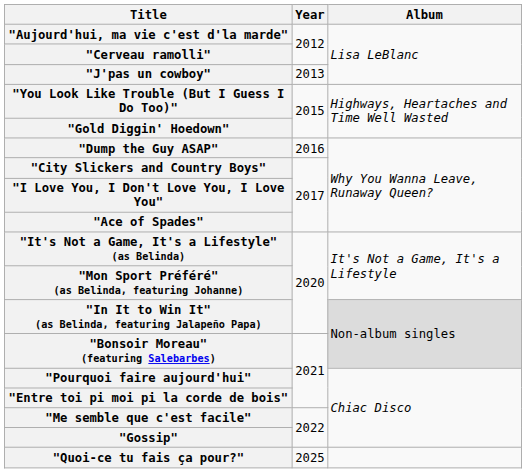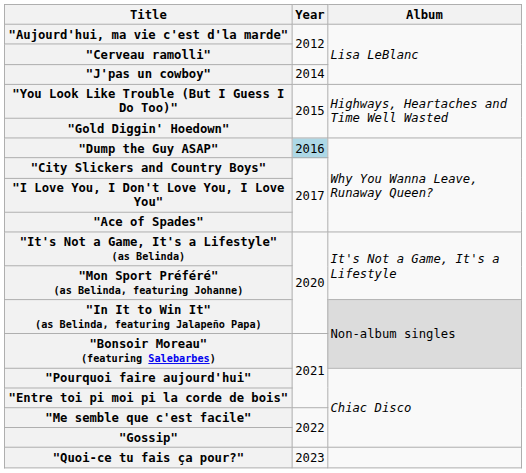 <table class="wikitable plainrowheaders">
 <tr>
 <th style="text-align:center" width="300">Title</th>
 <th style="text-align:center" width="20">Year</th>
 <th style="text-align:center" width="200">Album</th>
 </tr>
 <tr>
 <th scope="row">"Aujourd'hui, ma vie c'est d'la marde"</th>
 <td rowspan="2">2012</td>
 <td rowspan="3"><em>Lisa LeBlanc</em></td>
 </tr>
 <tr>
 <th scope="row">"Cerveau ramolli"</th>
 </tr>
 <tr>
 <th scope="row">"J'pas un cowboy"</th>
-<td>2013</td>
+<td>2014</td>
 </tr>
 <tr>
 <th scope="row">"You Look Like Trouble (But I Guess I Do Too)"</th>
 <td rowspan="2">2015</td>
 <td rowspan="2"><em>Highways, Heartaches and Time Well Wasted</em></td>
 </tr>
 <tr>
 <th scope="row">"Gold Diggin' Hoedown"</th>
 </tr>
 <tr>
 <th scope="row">"Dump the Guy ASAP"</th>
-<td>2016</td>
+<td style="background: lightblue;">2016</td>
 <td rowspan="4"><em>Why You Wanna Leave, Runaway Queen?</em></td>
 </tr>
 <tr>
 <th scope="row">"City Slickers and Country Boys"</th>
 <td rowspan="3">2017</td>
 </tr>
 <tr>
 <th scope="row">"I Love You, I Don't Love You, I Love You"</th>
 </tr>
 <tr>
 <th scope="row">"Ace of Spades"</th>
 </tr>
 <tr>
 <th scope="row">"It's Not a Game, It's a Lifestyle"<br><small>(as Belinda)</small></th>
 <td rowspan="3">2020</td>
 <td rowspan="2"><em>It's Not a Game, It's a Lifestyle</em></td>
 </tr>
 <tr>
 <th scope="row">"Mon Sport Préféré"<br><small>(as Belinda, featuring Johanne)</small></th>
 </tr>
 <tr>
 <th scope="row">"In It to Win It"<br><small>(as Belinda, featuring Jalape​ñ​o Papa)</small></th>
 <td rowspan="2" style="background:#Dcdcdc">Non-album singles</td>
 </tr>
 <tr>
 <th scope="row">"Bonsoir Moreau"<br><small>(featuring <a href='#'>Salebarbes</a>)</small></th>
 <td rowspan="3">2021</td>
 </tr>
 <tr>
 <th scope="row">"Pourquoi faire aujourd'hui"</th>
 <td rowspan="4"><em>Chiac Disco</em></td>
 </tr>
 <tr>
 <th scope="row">"Entre toi pi moi pi la corde de bois"</th>
 </tr>
 <tr>
 <th scope="row">"Me semble que c'est facile"</th>
 <td rowspan="2">2022</td>
 </tr>
 <tr>
 <th scope="row">"Gossip"</th>
 </tr>
 <tr>
 <th scope="row">"Quoi-ce tu fais ça pour?"</th>
-<td>2025</td>
+<td>2023</td>
 <td></td>
 </tr>
 </table>
